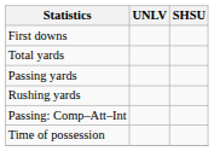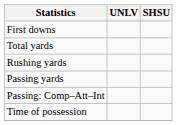 <table class="wikitable" style="float: left;">
 <tr>
 <th>Statistics</th>
 <th>UNLV</th>
 <th>SHSU</th>
 </tr>
 <tr>
 <td>First downs</td>
 <td></td>
 <td></td>
 </tr>
 <tr>
 <td>Total yards</td>
 <td></td>
 <td></td>
 </tr>
 <tr>
-<td>Passing yards</td>
+<td>Rushing yards</td>
 <td></td>
 <td></td>
 </tr>
 <tr>
-<td>Rushing yards</td>
+<td>Passing yards</td>
 <td></td>
 <td></td>
 </tr>
 <tr>
 <td>Passing: Comp–Att–Int</td>
 <td></td>
 <td></td>
 </tr>
 <tr>
 <td>Time of possession</td>
 <td></td>
 <td></td>
 </tr>
 <tr>
 </tr>
 </table>
